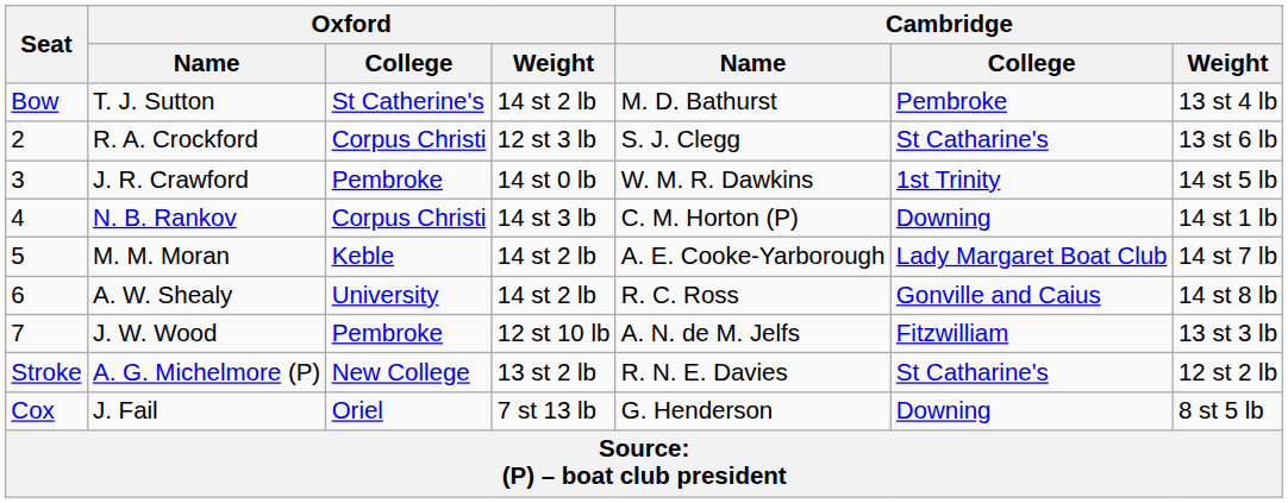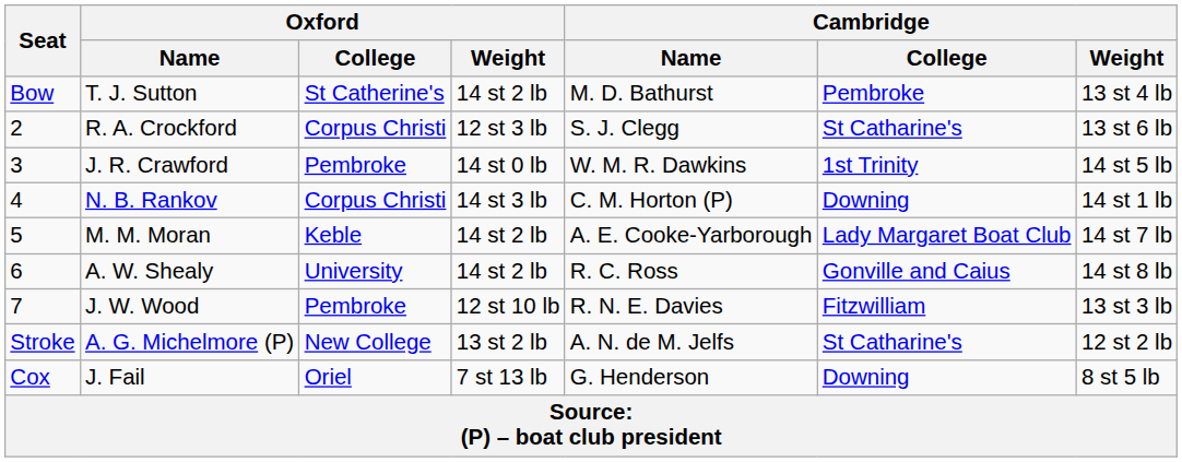 <table class="wikitable">
 <tr>
 <th rowspan="2" scope="col">Seat</th>
 <th colspan="3" scope="col">Oxford <br> </th>
 <th colspan="3" scope="col">Cambridge <br> </th>
 </tr>
 <tr>
 <th>Name</th>
 <th>College</th>
 <th>Weight</th>
 <th>Name</th>
 <th>College</th>
 <th>Weight</th>
 </tr>
 <tr>
 <td><a href='#'>Bow</a></td>
 <td>T. J. Sutton</td>
 <td><a href='#'>St Catherine's</a></td>
 <td>14 st 2 lb</td>
 <td>M. D. Bathurst</td>
 <td><a href='#'>Pembroke</a></td>
 <td>13 st 4 lb</td>
 </tr>
 <tr>
 <td>2</td>
 <td>R. A. Crockford</td>
 <td><a href='#'>Corpus Christi</a></td>
 <td>12 st 3 lb</td>
 <td>S. J. Clegg</td>
 <td><a href='#'>St Catharine's</a></td>
 <td>13 st 6 lb</td>
 </tr>
 <tr>
 <td>3</td>
 <td>J. R. Crawford</td>
 <td><a href='#'>Pembroke</a></td>
 <td>14 st 0 lb</td>
 <td>W. M. R. Dawkins</td>
 <td><a href='#'>1st Trinity</a></td>
 <td>14 st 5 lb</td>
 </tr>
 <tr>
 <td>4</td>
 <td><a href='#'>N. B. Rankov</a></td>
 <td><a href='#'>Corpus Christi</a></td>
 <td>14 st 3 lb</td>
 <td>C. M. Horton (P)</td>
 <td><a href='#'>Downing</a></td>
 <td>14 st 1 lb</td>
 </tr>
 <tr>
 <td>5</td>
 <td>M. M. Moran</td>
 <td><a href='#'>Keble</a></td>
 <td>14 st 2 lb</td>
 <td>A. E. Cooke-Yarborough</td>
 <td><a href='#'>Lady Margaret Boat Club</a></td>
 <td>14 st 7 lb</td>
 </tr>
 <tr>
 <td>6</td>
 <td>A. W. Shealy</td>
 <td><a href='#'>University</a></td>
 <td>14 st 2 lb</td>
 <td>R. C. Ross</td>
 <td><a href='#'>Gonville and Caius</a></td>
 <td>14 st 8 lb</td>
 </tr>
 <tr>
 <td>7</td>
 <td>J. W. Wood</td>
 <td><a href='#'>Pembroke</a></td>
 <td>12 st 10 lb</td>
-<td>A. N. de M. Jelfs</td>
+<td>R. N. E. Davies</td>
 <td><a href='#'>Fitzwilliam</a></td>
 <td>13 st 3 lb</td>
 </tr>
 <tr>
 <td><a href='#'>Stroke</a></td>
 <td><a href='#'>A. G. Michelmore</a> (P)</td>
 <td><a href='#'>New College</a></td>
 <td>13 st 2 lb</td>
-<td>R. N. E. Davies</td>
+<td>A. N. de M. Jelfs</td>
 <td><a href='#'>St Catharine's</a></td>
 <td>12 st 2 lb</td>
 </tr>
 <tr>
 <td><a href='#'>Cox</a></td>
 <td>J. Fail</td>
 <td><a href='#'>Oriel</a></td>
 <td>7 st 13 lb</td>
 <td>G. Henderson</td>
 <td><a href='#'>Downing</a></td>
 <td>8 st 5 lb</td>
 </tr>
 <tr>
 <th colspan="7">Source:<br> (P) – boat club president</th>
 </tr>
 </table>
